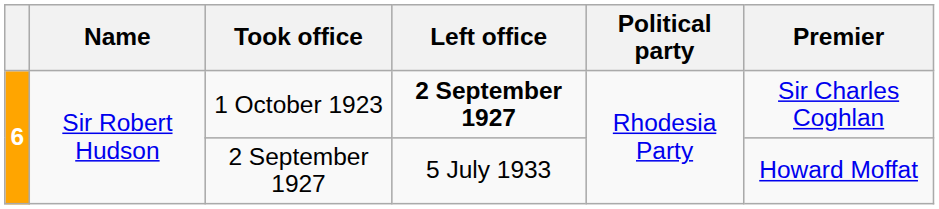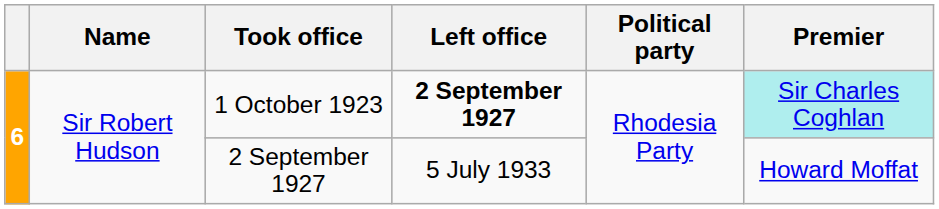 <table class="wikitable" style="text-align:center">
 <tr>
 <th></th>
 <th>Name</th>
 <th>Took office</th>
 <th>Left office</th>
 <th>Political party</th>
 <th>Premier</th>
 </tr>
 <tr>
 <th rowspan="2" style="background:orange; color:white;">6</th>
 <td rowspan="2"><a href='#'>Sir Robert Hudson</a></td>
 <td>1 October 1923</td>
 <td><strong>2 September 1927</strong></td>
 <td rowspan="2"><a href='#'>Rhodesia Party</a></td>
-<td><a href='#'>Sir Charles Coghlan</a></td>
+<td style="background: paleturquoise;"><a href='#'>Sir Charles Coghlan</a></td>
 </tr>
 <tr>
 <td>2 September 1927</td>
 <td>5 July 1933</td>
 <td><a href='#'>Howard Moffat</a></td>
 </tr>
 </table>
